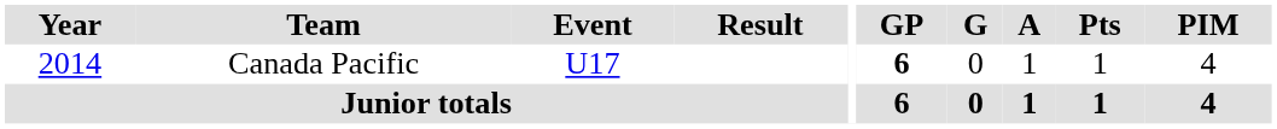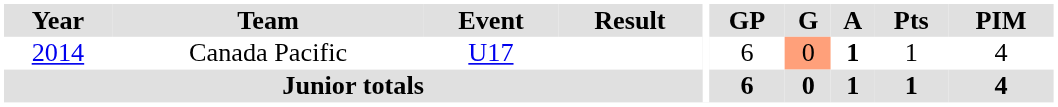 <table border="0" cellpadding="1" cellspacing="0" ID="Table3" style="text-align:center; width:40em">
 <tr ALIGN="center" bgcolor="#e0e0e0">
 <th>Year</th>
 <th>Team</th>
 <th>Event</th>
 <th>Result</th>
 <th rowspan="99" bgcolor="#ffffff"></th>
 <th>GP</th>
 <th>G</th>
 <th>A</th>
 <th>Pts</th>
 <th>PIM</th>
 </tr>
 <tr>
 <td><a href='#'>2014</a></td>
 <td>Canada Pacific</td>
 <td><a href='#'>U17</a></td>
 <td></td>
-<td><strong>6</strong></td>
-<td>0</td>
-<td>1</td>
+<td>6</td>
+<td style="background: lightsalmon;">0</td>
+<td><strong>1</strong></td>
 <td>1</td>
 <td>4</td>
 </tr>
 <tr bgcolor="#e0e0e0">
 <th colspan="4">Junior totals</th>
 <th>6</th>
 <th>0</th>
 <th>1</th>
 <th>1</th>
 <th>4</th>
 </tr>
 </table>
